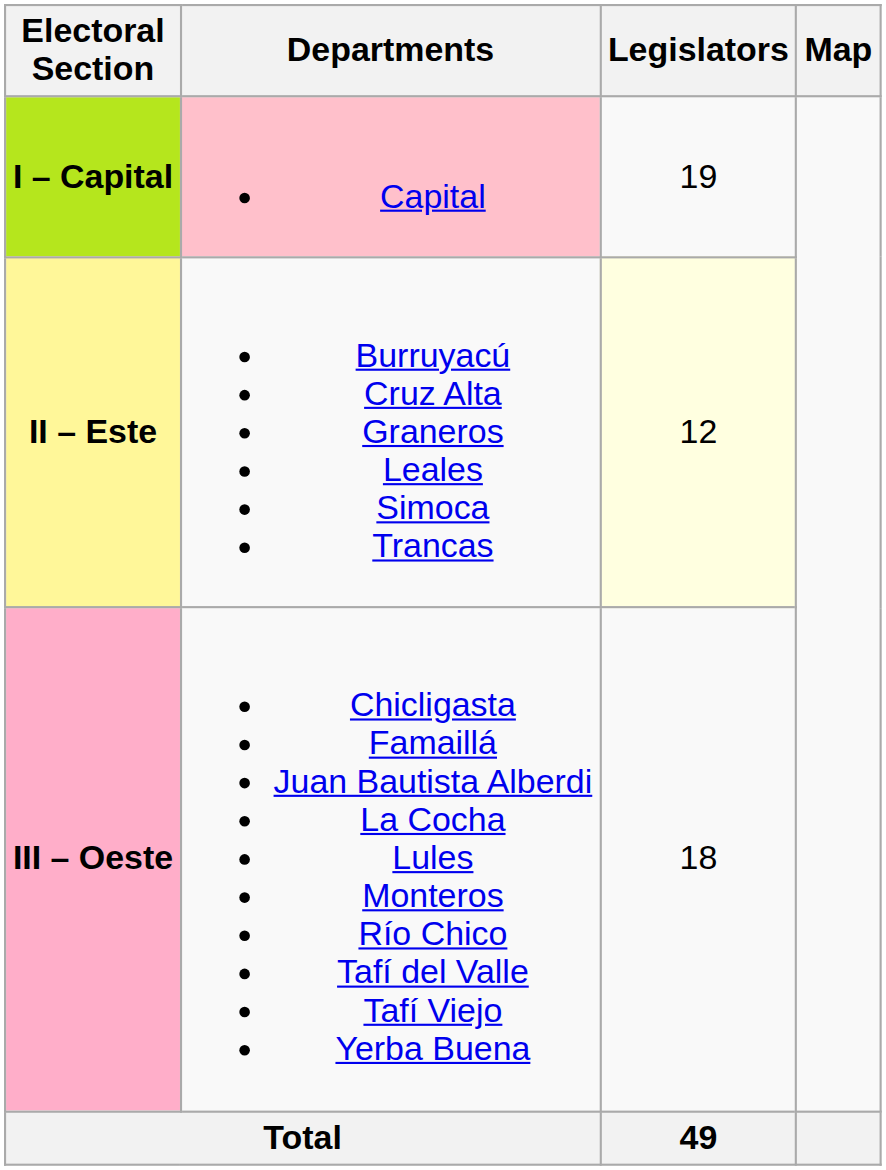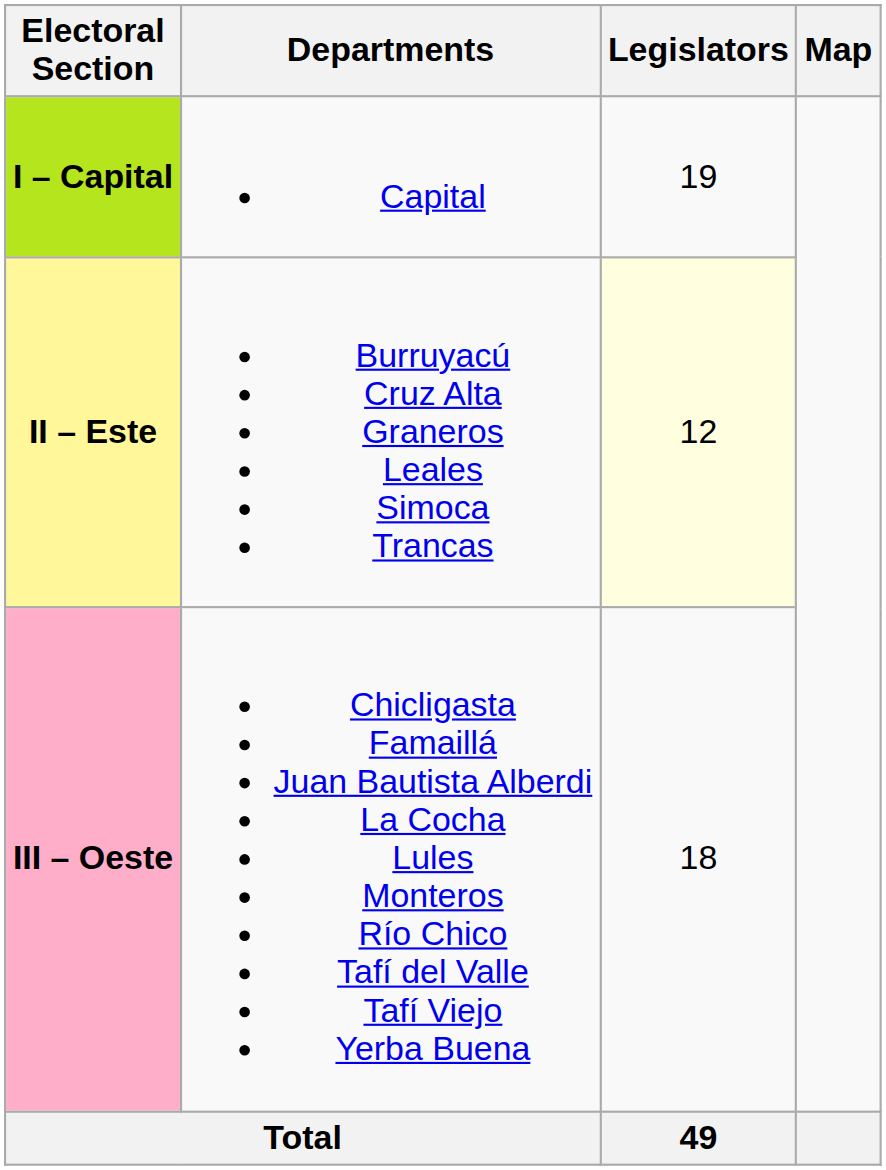 <table class="wikitable" style="text-align:center;">
 <tr>
 <th>Electoral<br>Section</th>
 <th>Departments</th>
 <th>Legislators</th>
 <th>Map</th>
 </tr>
 <tr>
 <td bgcolor=#B5E61D><strong>I – Capital</strong></td>
-<td style="background: pink;"><br><ul><li><a href='#'>Capital</a></li></ul></td>
+<td><br><ul><li><a href='#'>Capital</a></li></ul></td>
 <td>19</td>
 <td rowspan=3></td>
 </tr>
 <tr>
 <td bgcolor=#FFF799><strong>II – Este</strong></td>
 <td><br><ul><li><a href='#'>Burruyacú</a></li><li><a href='#'>Cruz Alta</a></li><li><a href='#'>Graneros</a></li><li><a href='#'>Leales</a></li><li><a href='#'>Simoca</a></li><li><a href='#'>Trancas</a></li></ul></td>
 <td style="background: lightyellow;">12</td>
 </tr>
 <tr>
 <td bgcolor=#FFAEC9><strong>III – Oeste</strong></td>
 <td><br><ul><li><a href='#'>Chicligasta</a></li><li><a href='#'>Famaillá</a></li><li><a href='#'>Juan Bautista Alberdi</a></li><li><a href='#'>La Cocha</a></li><li><a href='#'>Lules</a></li><li><a href='#'>Monteros</a></li><li><a href='#'>Río Chico</a></li><li><a href='#'>Tafí del Valle</a></li><li><a href='#'>Tafí Viejo</a></li><li><a href='#'>Yerba Buena</a></li></ul></td>
 <td>18</td>
 </tr>
 <tr>
 <th colspan=2>Total</th>
 <th>49</th>
 <th></th>
 </tr>
 </table>
